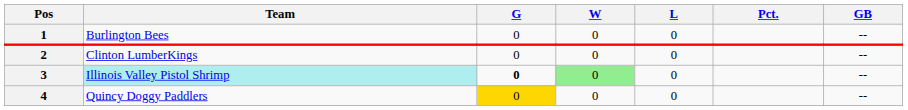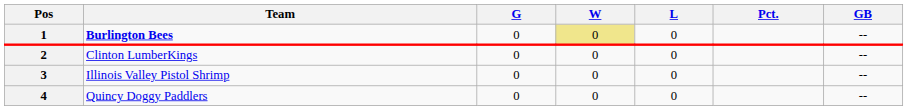 <table class="wikitable plainrowheaders" width="90%" style="text-align:center;">
 <tr>
 <th scope="col" width="5%">Pos</th>
 <th scope="col" width="25%">Team</th>
 <th scope="col" width="5%"><a href='#'>G</a></th>
 <th scope="col" width="5%"><a href='#'>W</a></th>
 <th scope="col" width="5%"><a href='#'>L</a></th>
 <th scope="col" width="7%"><a href='#'>Pct.</a></th>
 <th scope="col" width="5%"><a href='#'>GB</a></th>
 </tr>
 <tr>
 <th>1</th>
-<td style="text-align:left;"><a href='#'>Burlington Bees</a></td>
+<td style="text-align:left;"><strong><a href='#'>Burlington Bees</a></strong></td>
 <td>0</td>
-<td>0</td>
+<td style="background: khaki;">0</td>
 <td>0</td>
 <td></td>
 <td>--</td>
 </tr>
 <tr>
 </tr>
 <tr |- style="border-top:3px solid red;">
 <th>2</th>
 <td style="text-align:left;"><a href='#'>Clinton LumberKings</a></td>
 <td>0</td>
 <td>0</td>
 <td>0</td>
 <td></td>
 <td>--</td>
 </tr>
 <tr>
 <th>3</th>
-<td style="background: paleturquoise; text-align:left;"><a href='#'>Illinois Valley Pistol Shrimp</a></td>
-<td><strong>0</strong></td>
-<td style="background: lightgreen;">0</td>
+<td style="text-align:left;"><a href='#'>Illinois Valley Pistol Shrimp</a></td>
+<td>0</td>
+<td>0</td>
 <td>0</td>
 <td></td>
 <td>--</td>
 </tr>
 <tr>
 <th>4</th>
 <td style="text-align:left;"><a href='#'>Quincy Doggy Paddlers</a></td>
-<td style="background: gold;">0</td>
+<td>0</td>
 <td>0</td>
 <td>0</td>
 <td></td>
 <td>--</td>
 </tr>
 </table>
